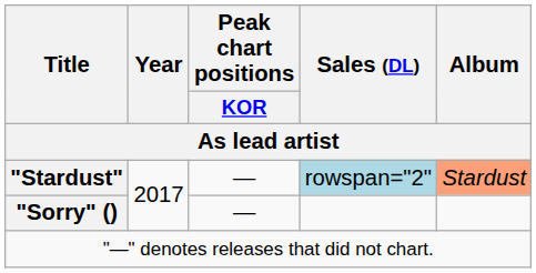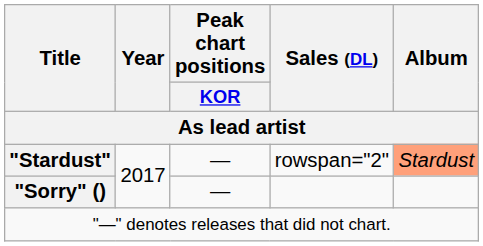 <table class="wikitable plainrowheaders" style="text-align:center;">
 <tr>
 <th scope="col" rowspan="2">Title</th>
 <th scope="col" rowspan="2">Year</th>
 <th scope="col" colspan="1">Peak chart <br> positions</th>
 <th scope="col" rowspan="2">Sales <small>(<a href='#'>DL</a>)</small></th>
 <th scope="col" rowspan="2">Album</th>
 </tr>
 <tr>
 <th scope="col" style="width:3.5em;font-size:90%;"><a href='#'>KOR</a><br></th>
 </tr>
 <tr>
 <th scope="col" colspan="5">As lead artist</th>
 </tr>
 <tr>
 <th scope="row">"Stardust"</th>
 <td rowspan="2">2017</td>
 <td>—</td>
-<td style="background: lightblue;">rowspan="2" </td>
+<td>rowspan="2" </td>
 <td style="background: lightsalmon;"><em>Stardust</em></td>
 </tr>
 <tr>
 <th scope="row">"Sorry" ()</th>
 <td>—</td>
 <td></td>
 </tr>
 <tr>
 <td colspan="5" align="center"><small>"—" denotes releases that did not chart.</small></td>
 </tr>
 </table>
